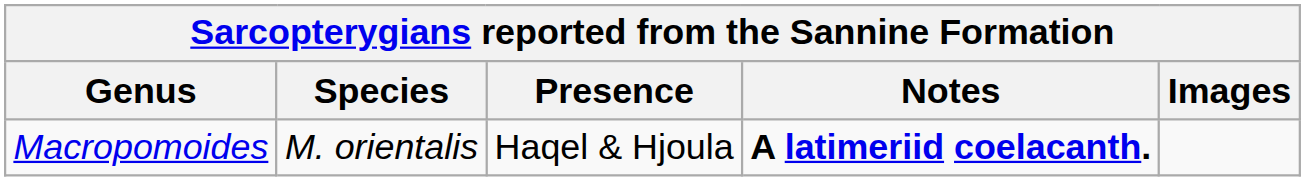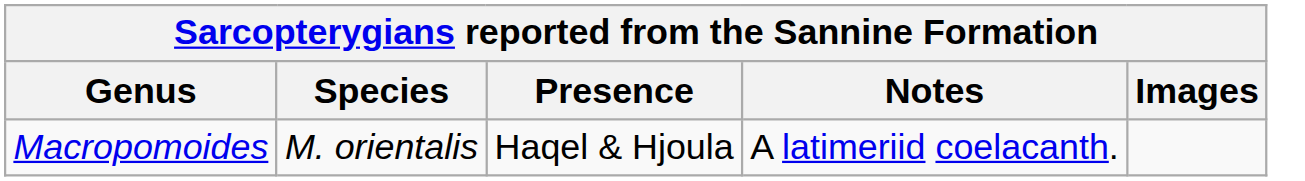 <table class="wikitable" align="center">
 <tr>
 <th colspan="5" align="center"><a href='#'>Sarcopterygians</a> reported from the Sannine Formation</th>
 </tr>
 <tr>
 <th>Genus</th>
 <th>Species</th>
 <th>Presence</th>
 <th>Notes</th>
 <th>Images</th>
 </tr>
 <tr>
 <td><em><a href='#'>Macropomoides</a></em></td>
 <td><em>M. orientalis</em></td>
 <td>Haqel & Hjoula</td>
-<td><strong>A <a href='#'>latimeriid</a> <a href='#'>coelacanth</a>.</strong></td>
+<td>A <a href='#'>latimeriid</a> <a href='#'>coelacanth</a>.</td>
 <td></td>
 </tr>
 </table>
